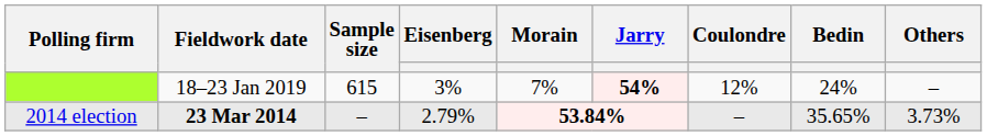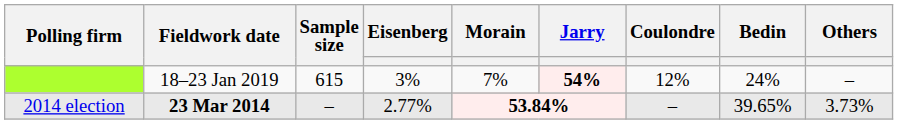 <table class="wikitable sortable" style="text-align:center;font-size:90%;line-height:14px;">
 <tr style="height:40px;">
 <th style="width:100px;" rowspan="2">Polling firm</th>
 <th style="width:110px;" rowspan="2">Fieldwork date</th>
 <th style="width:35px;" rowspan="2">Sample<br>size</th>
 <th class="unsortable" style="width:60px;">Eisenberg<br></th>
 <th class="unsortable" style="width:60px;">Morain<br></th>
 <th class="unsortable" style="width:60px;"><a href='#'>Jarry</a><br></th>
 <th class="unsortable" style="width:60px;">Coulondre<br></th>
 <th class="unsortable" style="width:60px;">Bedin<br></th>
 <th class="unsortable" style="width:60px;">Others</th>
 </tr>
 <tr>
 <th style="background:"></th>
 <th style="background:"></th>
 <th style="background:"></th>
 <th style="background:"></th>
 <th style="background:"></th>
 <th style="background:"></th>
 </tr>
 <tr>
 <td style="background:GreenYellow;"></td>
 <td data-sort-value="2019-01-23">18–23 Jan 2019</td>
 <td>615</td>
 <td>3%</td>
 <td>7%</td>
 <td style="background:#FFEDED;"><strong>54%</strong></td>
 <td>12%</td>
 <td>24%</td>
 <td>–</td>
 </tr>
 <tr style="background:#E9E9E9;">
 <td><a href='#'>2014 election</a></td>
 <td data-sort-value="2014-03-23"><strong>23 Mar 2014</strong></td>
 <td>–</td>
-<td>2.79%</td>
+<td>2.77%</td>
 <td style="background:#FFEDED;" colspan="2"><strong>53.84%</strong></td>
 <td>–</td>
-<td>35.65%</td>
+<td>39.65%</td>
 <td>3.73%</td>
 </tr>
 </table>
